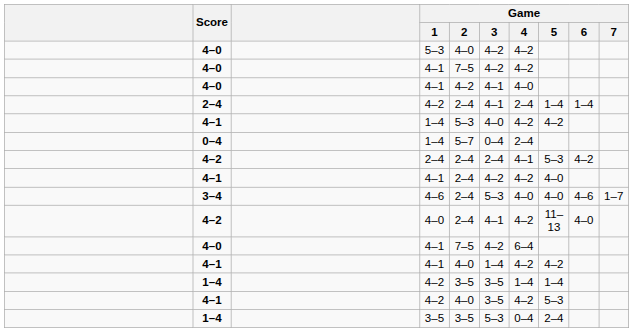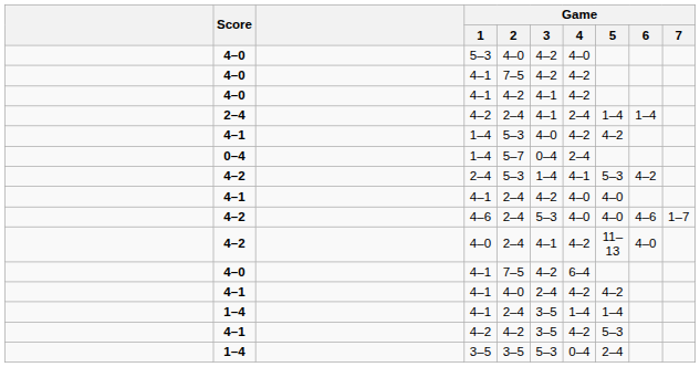 <table class="wikitable" style="text-align: center;">
 <tr>
 <th rowspan=2 align="right" width="270"></th>
 <th rowspan=2 width="45">Score</th>
 <th rowspan=2 align="left" width="270"></th>
 <th colspan=7>Game</th>
 </tr>
 <tr>
 <th width="35">1</th>
 <th width="35">2</th>
 <th width="35">3</th>
 <th width="35">4</th>
 <th width="35">5</th>
 <th width="35">6</th>
 <th width="35">7</th>
 </tr>
 <tr>
 <td align=left><strong></strong></td>
 <td align=center><strong>4–0</strong></td>
 <td align=left></td>
 <td>5–3</td>
 <td>4–0</td>
 <td>4–2</td>
-<td>4–2</td>
+<td>4–0</td>
 <td></td>
 <td></td>
 <td></td>
 </tr>
 <tr>
 <td align=left><strong></strong></td>
 <td align=center><strong>4–0</strong></td>
 <td align=left></td>
 <td>4–1</td>
 <td>7–5</td>
 <td>4–2</td>
 <td>4–2</td>
 <td></td>
 <td></td>
 <td></td>
 </tr>
 <tr>
 <td align=left><strong></strong></td>
 <td align=center><strong>4–0</strong></td>
 <td align=left></td>
 <td>4–1</td>
 <td>4–2</td>
 <td>4–1</td>
-<td>4–0</td>
+<td>4–2</td>
 <td></td>
 <td></td>
 <td></td>
 </tr>
 <tr>
 <td align=left></td>
 <td align=center><strong>2–4</strong></td>
 <td align=left><strong></strong></td>
 <td>4–2</td>
 <td>2–4</td>
 <td>4–1</td>
 <td>2–4</td>
 <td>1–4</td>
 <td>1–4</td>
 <td></td>
 </tr>
 <tr>
 <td align=left><strong></strong></td>
 <td align=center><strong>4–1</strong></td>
 <td align=left></td>
 <td>1–4</td>
 <td>5–3</td>
 <td>4–0</td>
 <td>4–2</td>
 <td>4–2</td>
 <td></td>
 <td></td>
 </tr>
 <tr>
 <td align=left></td>
 <td align=center><strong>0–4</strong></td>
 <td align=left><strong></strong></td>
 <td>1–4</td>
 <td>5–7</td>
 <td>0–4</td>
 <td>2–4</td>
 <td></td>
 <td></td>
 <td></td>
 </tr>
 <tr>
 <td align=left><strong></strong></td>
 <td align=center><strong>4–2</strong></td>
 <td align=left></td>
 <td>2–4</td>
-<td>2–4</td>
-<td>2–4</td>
+<td>5–3</td>
+<td>1–4</td>
 <td>4–1</td>
 <td>5–3</td>
 <td>4–2</td>
 <td></td>
 </tr>
 <tr>
 <td align=left><strong></strong></td>
 <td align=center><strong>4–1</strong></td>
 <td align=left></td>
 <td>4–1</td>
 <td>2–4</td>
 <td>4–2</td>
-<td>4–2</td>
+<td>4–0</td>
 <td>4–0</td>
 <td></td>
 <td></td>
 </tr>
 <tr>
 <td align=left></td>
-<td align=center><strong>3–4</strong></td>
+<td align=center><strong>4–2</strong></td>
 <td align=left><strong></strong></td>
 <td>4–6</td>
 <td>2–4</td>
 <td>5–3</td>
 <td>4–0</td>
 <td>4–0</td>
 <td>4–6</td>
 <td>1–7</td>
 </tr>
 <tr>
 <td align=left><strong></strong></td>
 <td align=center><strong>4–2</strong></td>
 <td align=left></td>
 <td>4–0</td>
 <td>2–4</td>
 <td>4–1</td>
 <td>4–2</td>
 <td>11–13</td>
 <td>4–0</td>
 <td></td>
 </tr>
 <tr>
 <td align=left><strong></strong></td>
 <td align=center><strong>4–0</strong></td>
 <td align=left></td>
 <td>4–1</td>
 <td>7–5</td>
 <td>4–2</td>
 <td>6–4</td>
 <td></td>
 <td></td>
 <td></td>
 </tr>
 <tr>
 <td align=left><strong></strong></td>
 <td align=center><strong>4–1</strong></td>
 <td align=left></td>
 <td>4–1</td>
 <td>4–0</td>
-<td>1–4</td>
+<td>2–4</td>
 <td>4–2</td>
 <td>4–2</td>
 <td></td>
 <td></td>
 </tr>
 <tr>
 <td align=left></td>
 <td align=center><strong>1–4</strong></td>
 <td align=left><strong></strong></td>
-<td>4–2</td>
-<td>3–5</td>
+<td>4–1</td>
+<td>2–4</td>
 <td>3–5</td>
 <td>1–4</td>
 <td>1–4</td>
 <td></td>
 <td></td>
 </tr>
 <tr>
 <td align=left><strong></strong></td>
 <td align=center><strong>4–1</strong></td>
 <td align=left></td>
 <td>4–2</td>
-<td>4–0</td>
+<td>4–2</td>
 <td>3–5</td>
 <td>4–2</td>
 <td>5–3</td>
 <td></td>
 <td></td>
 </tr>
 <tr>
 <td align=left></td>
 <td align=center><strong>1–4</strong></td>
 <td align=left><strong></strong></td>
 <td>3–5</td>
 <td>3–5</td>
 <td>5–3</td>
 <td>0–4</td>
 <td>2–4</td>
 <td></td>
 <td></td>
 </tr>
 </table>
